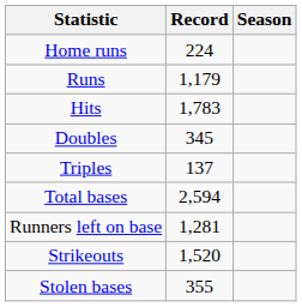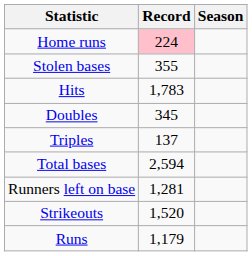 <table class="wikitable sortable" style="text-align:center">
 <tr>
 <th>Statistic</th>
 <th class="unsortable">Record</th>
 <th>Season</th>
 </tr>
 <tr>
 <td><a href='#'>Home runs</a></td>
-<td>224</td>
+<td style="background: pink;">224</td>
 <td></td>
 </tr>
 <tr>
-<td><a href='#'>Runs</a></td>
-<td>1,179</td>
+<td><a href='#'>Stolen bases</a></td>
+<td>355</td>
 <td></td>
 </tr>
 <tr>
 <td><a href='#'>Hits</a></td>
 <td>1,783</td>
 <td></td>
 </tr>
 <tr>
 <td><a href='#'>Doubles</a></td>
 <td>345</td>
 <td></td>
 </tr>
 <tr>
 <td><a href='#'>Triples</a></td>
 <td>137</td>
 <td></td>
 </tr>
 <tr>
 <td><a href='#'>Total bases</a></td>
 <td>2,594</td>
 <td></td>
 </tr>
 <tr>
 <td>Runners <a href='#'>left on base</a></td>
 <td>1,281</td>
 <td></td>
 </tr>
 <tr>
 <td><a href='#'>Strikeouts</a></td>
 <td>1,520</td>
 <td></td>
 </tr>
 <tr>
-<td><a href='#'>Stolen bases</a></td>
-<td>355</td>
+<td><a href='#'>Runs</a></td>
+<td>1,179</td>
 <td></td>
 </tr>
 </table>
